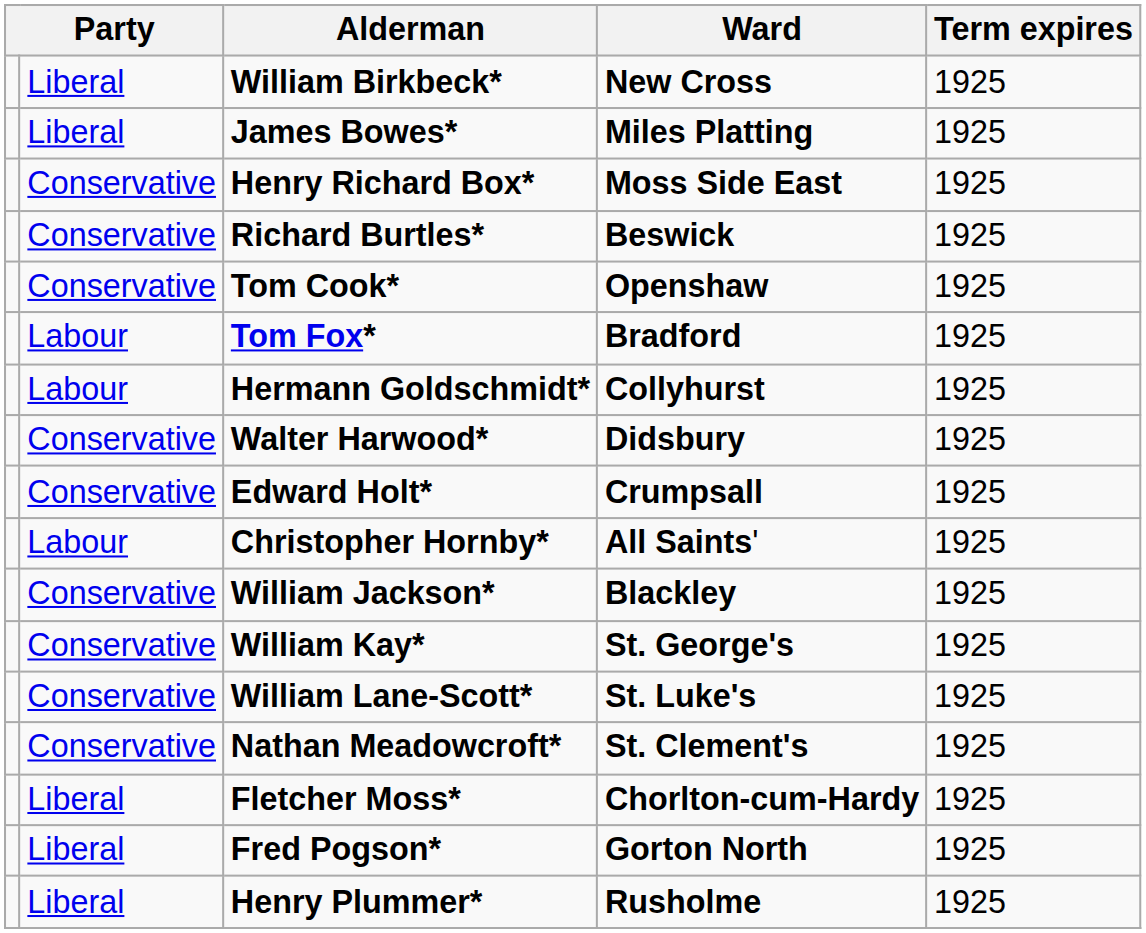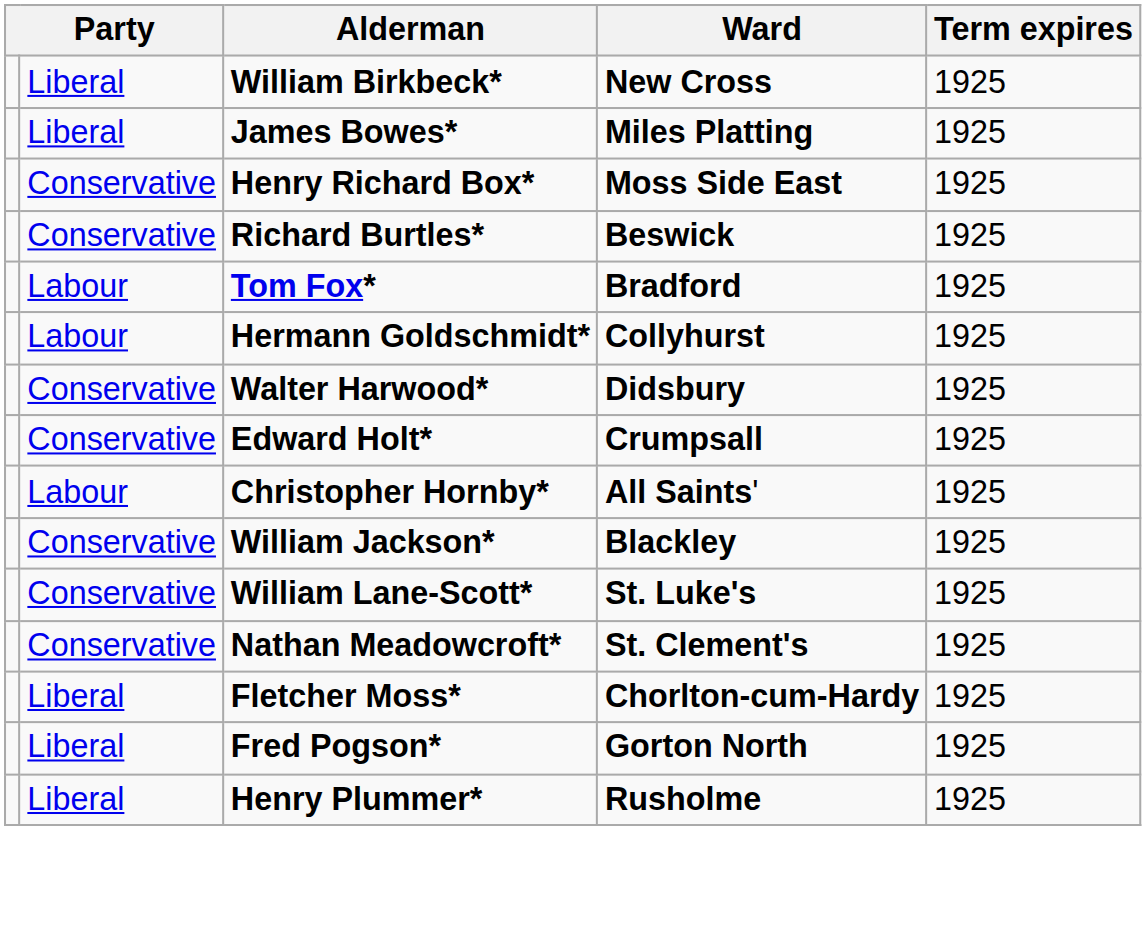 <table class="wikitable">
 <tr>
 <th colspan="2">Party</th>
 <th>Alderman</th>
 <th>Ward</th>
 <th>Term expires</th>
 </tr>
 <tr>
 <td style="background-color:"></td>
 <td><a href='#'>Liberal</a></td>
 <td><strong>William Birkbeck*</strong></td>
 <td><strong>New Cross</strong></td>
 <td>1925</td>
 </tr>
 <tr>
 <td style="background-color:"></td>
 <td><a href='#'>Liberal</a></td>
 <td><strong>James Bowes*</strong></td>
 <td><strong>Miles Platting</strong></td>
 <td>1925</td>
 </tr>
 <tr>
 <td style="background-color:"></td>
 <td><a href='#'>Conservative</a></td>
 <td><strong>Henry Richard Box*</strong></td>
 <td><strong>Moss Side East</strong></td>
 <td>1925</td>
 </tr>
 <tr>
 <td style="background-color:"></td>
 <td><a href='#'>Conservative</a></td>
 <td><strong>Richard Burtles*</strong></td>
 <td><strong>Beswick</strong></td>
-<td>1925</td>
-</tr>
-<tr>
-<td style="background-color:"></td>
-<td><a href='#'>Conservative</a></td>
-<td><strong>Tom Cook*</strong></td>
-<td><strong>Openshaw</strong></td>
 <td>1925</td>
 </tr>
 <tr>
 <td style="background-color:"></td>
 <td><a href='#'>Labour</a></td>
 <td><strong><a href='#'>Tom Fox</a>*</strong></td>
 <td><strong>Bradford</strong></td>
 <td>1925</td>
 </tr>
 <tr>
 <td style="background-color:"></td>
 <td><a href='#'>Labour</a></td>
 <td><strong>Hermann Goldschmidt*</strong></td>
 <td><strong>Collyhurst</strong></td>
 <td>1925</td>
 </tr>
 <tr>
 <td style="background-color:"></td>
 <td><a href='#'>Conservative</a></td>
 <td><strong>Walter Harwood*</strong></td>
 <td><strong>Didsbury</strong></td>
 <td>1925</td>
 </tr>
 <tr>
 <td style="background-color:"></td>
 <td><a href='#'>Conservative</a></td>
 <td><strong>Edward Holt*</strong></td>
 <td><strong>Crumpsall</strong></td>
 <td>1925</td>
 </tr>
 <tr>
 <td style="background-color:"></td>
 <td><a href='#'>Labour</a></td>
 <td><strong>Christopher Hornby*</strong></td>
 <td><strong>All Saints</strong>'</td>
 <td>1925</td>
 </tr>
 <tr>
 <td style="background-color:"></td>
 <td><a href='#'>Conservative</a></td>
 <td><strong>William Jackson*</strong></td>
 <td><strong>Blackley</strong></td>
 <td>1925</td>
 </tr>
 <tr>
 <td style="background-color:"></td>
 <td><a href='#'>Conservative</a></td>
-<td><strong>William Kay*</strong></td>
-<td><strong>St. George's</strong></td>
-<td>1925</td>
-</tr>
-<tr>
-<td style="background-color:"></td>
-<td><a href='#'>Conservative</a></td>
 <td><strong>William Lane-Scott*</strong></td>
 <td><strong>St. Luke's</strong></td>
 <td>1925</td>
 </tr>
 <tr>
 <td style="background-color:"></td>
 <td><a href='#'>Conservative</a></td>
 <td><strong>Nathan Meadowcroft*</strong></td>
 <td><strong>St. Clement's</strong></td>
 <td>1925</td>
 </tr>
 <tr>
 <td style="background-color:"></td>
 <td><a href='#'>Liberal</a></td>
 <td><strong>Fletcher Moss*</strong></td>
 <td><strong>Chorlton-cum-Hardy</strong></td>
 <td>1925</td>
 </tr>
 <tr>
 <td style="background-color:"></td>
 <td><a href='#'>Liberal</a></td>
 <td><strong>Fred Pogson*</strong></td>
 <td><strong>Gorton North</strong></td>
 <td>1925</td>
 </tr>
 <tr>
 <td style="background-color:"></td>
 <td><a href='#'>Liberal</a></td>
 <td><strong>Henry Plummer*</strong></td>
 <td><strong>Rusholme</strong></td>
 <td>1925</td>
 </tr>
 <tr>
 </tr>
 </table>
